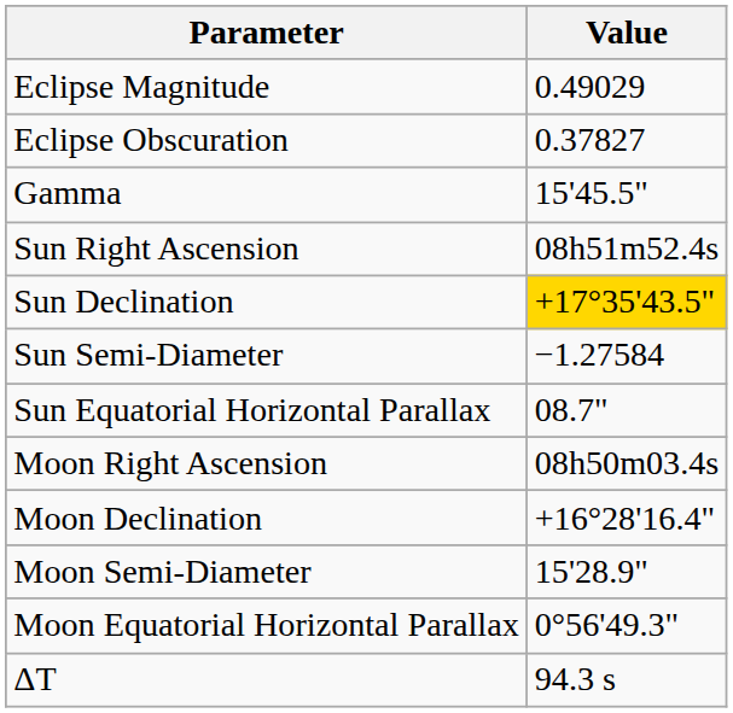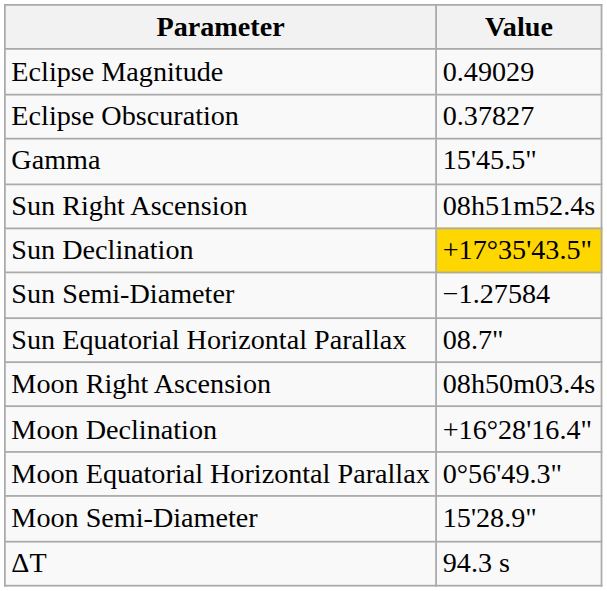 <table class="wikitable">
 <tr>
 <th>Parameter</th>
 <th>Value</th>
 </tr>
 <tr>
 <td>Eclipse Magnitude</td>
 <td>0.49029</td>
 </tr>
 <tr>
 <td>Eclipse Obscuration</td>
 <td>0.37827</td>
 </tr>
 <tr>
 <td>Gamma</td>
 <td>15'45.5"</td>
 </tr>
 <tr>
 <td>Sun Right Ascension</td>
 <td>08h51m52.4s</td>
 </tr>
 <tr>
 <td>Sun Declination</td>
 <td style="background: gold;">+17°35'43.5"</td>
 </tr>
 <tr>
 <td>Sun Semi-Diameter</td>
 <td>−1.27584</td>
 </tr>
 <tr>
 <td>Sun Equatorial Horizontal Parallax</td>
 <td>08.7"</td>
 </tr>
 <tr>
 <td>Moon Right Ascension</td>
 <td>08h50m03.4s</td>
 </tr>
 <tr>
 <td>Moon Declination</td>
 <td>+16°28'16.4"</td>
 </tr>
 <tr>
+<td>Moon Equatorial Horizontal Parallax</td>
+<td>0°56'49.3"</td>
+</tr>
+<tr>
 <td>Moon Semi-Diameter</td>
 <td>15'28.9"</td>
-</tr>
-<tr>
-<td>Moon Equatorial Horizontal Parallax</td>
-<td>0°56'49.3"</td>
 </tr>
 <tr>
 <td>ΔT</td>
 <td>94.3 s</td>
 </tr>
 </table>
